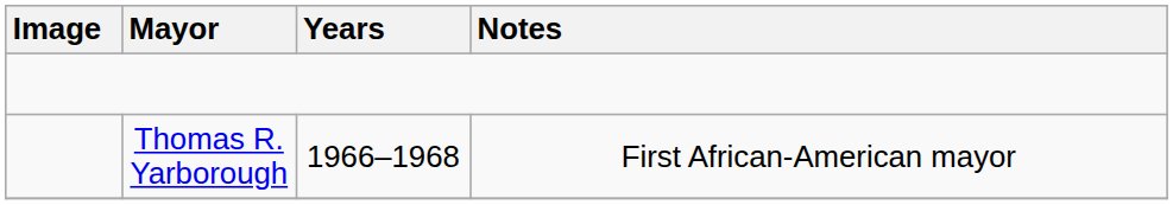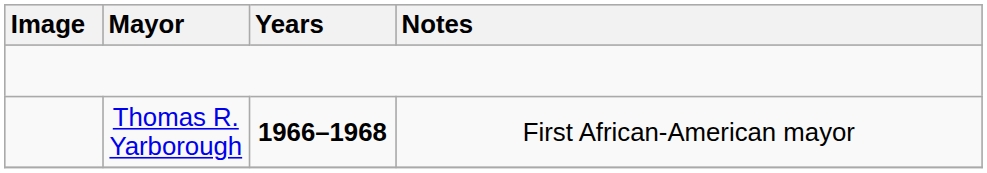 <table class="wikitable" style="text-align:center">
 <tr>
 <th style="text-align:left; width:10%;">Image</th>
 <th style="text-align:left; width:15%;">Mayor</th>
 <th style="text-align:left; width:15%;">Years</th>
 <th style="text-align:left; width:60%;">Notes</th>
 </tr>
 <tr style="height:2em">
 </tr>
 <tr>
 <td></td>
 <td><a href='#'>Thomas R. Yarborough</a></td>
-<td>1966–1968</td>
+<td><strong>1966–1968</strong></td>
 <td>First African-American mayor</td>
 </tr>
 <tr>
 </tr>
 </table>
